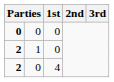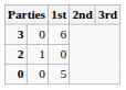 <table class="wikitable" style="text-align:right;">
 <tr>
 <th colspan=2 style="text-align:left;">Parties</th>
 <th>1st</th>
 <th>2nd</th>
 <th>3rd</th>
 </tr>
 <tr>
-<td><strong>0</strong></td>
+<td><strong>3</strong></td>
 <td>0</td>
-<td>0</td>
+<td>6</td>
 </tr>
 <tr>
 <td><strong>2</strong></td>
 <td>1</td>
 <td>0</td>
 </tr>
 <tr>
-<td><strong>2</strong></td>
+<td><strong>0</strong></td>
 <td>0</td>
-<td>4</td>
+<td>5</td>
 </tr>
 </table>
